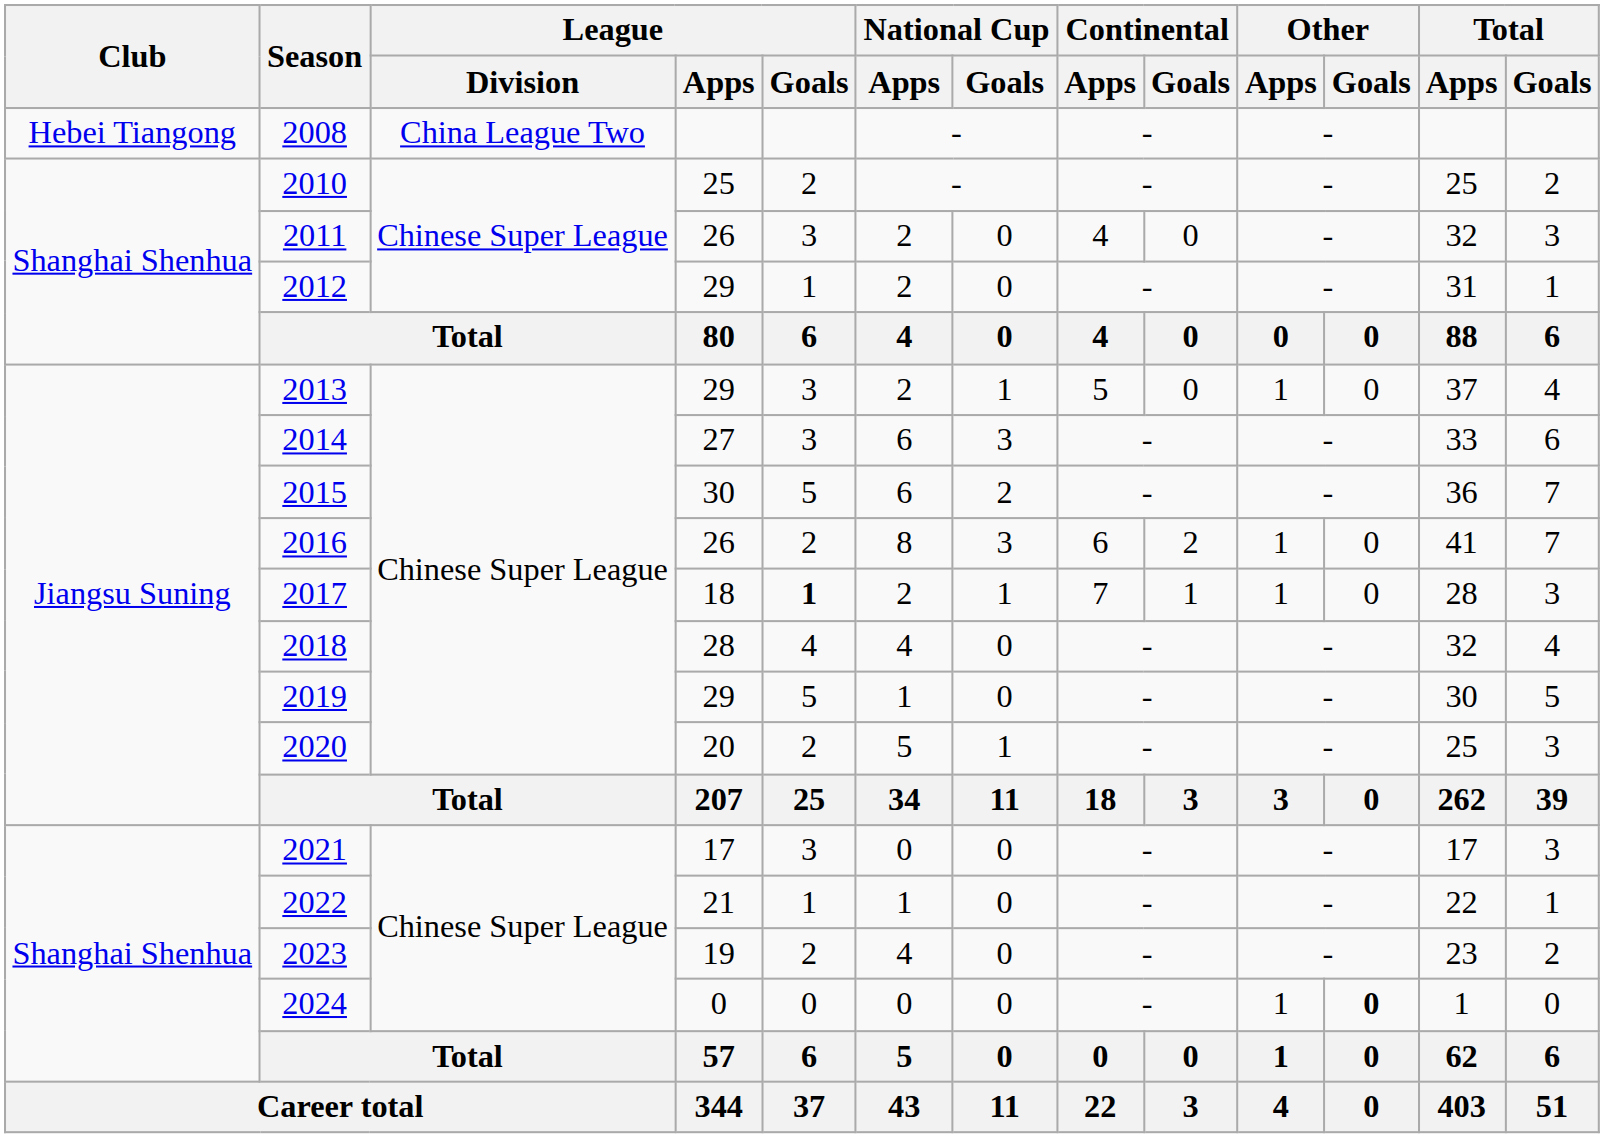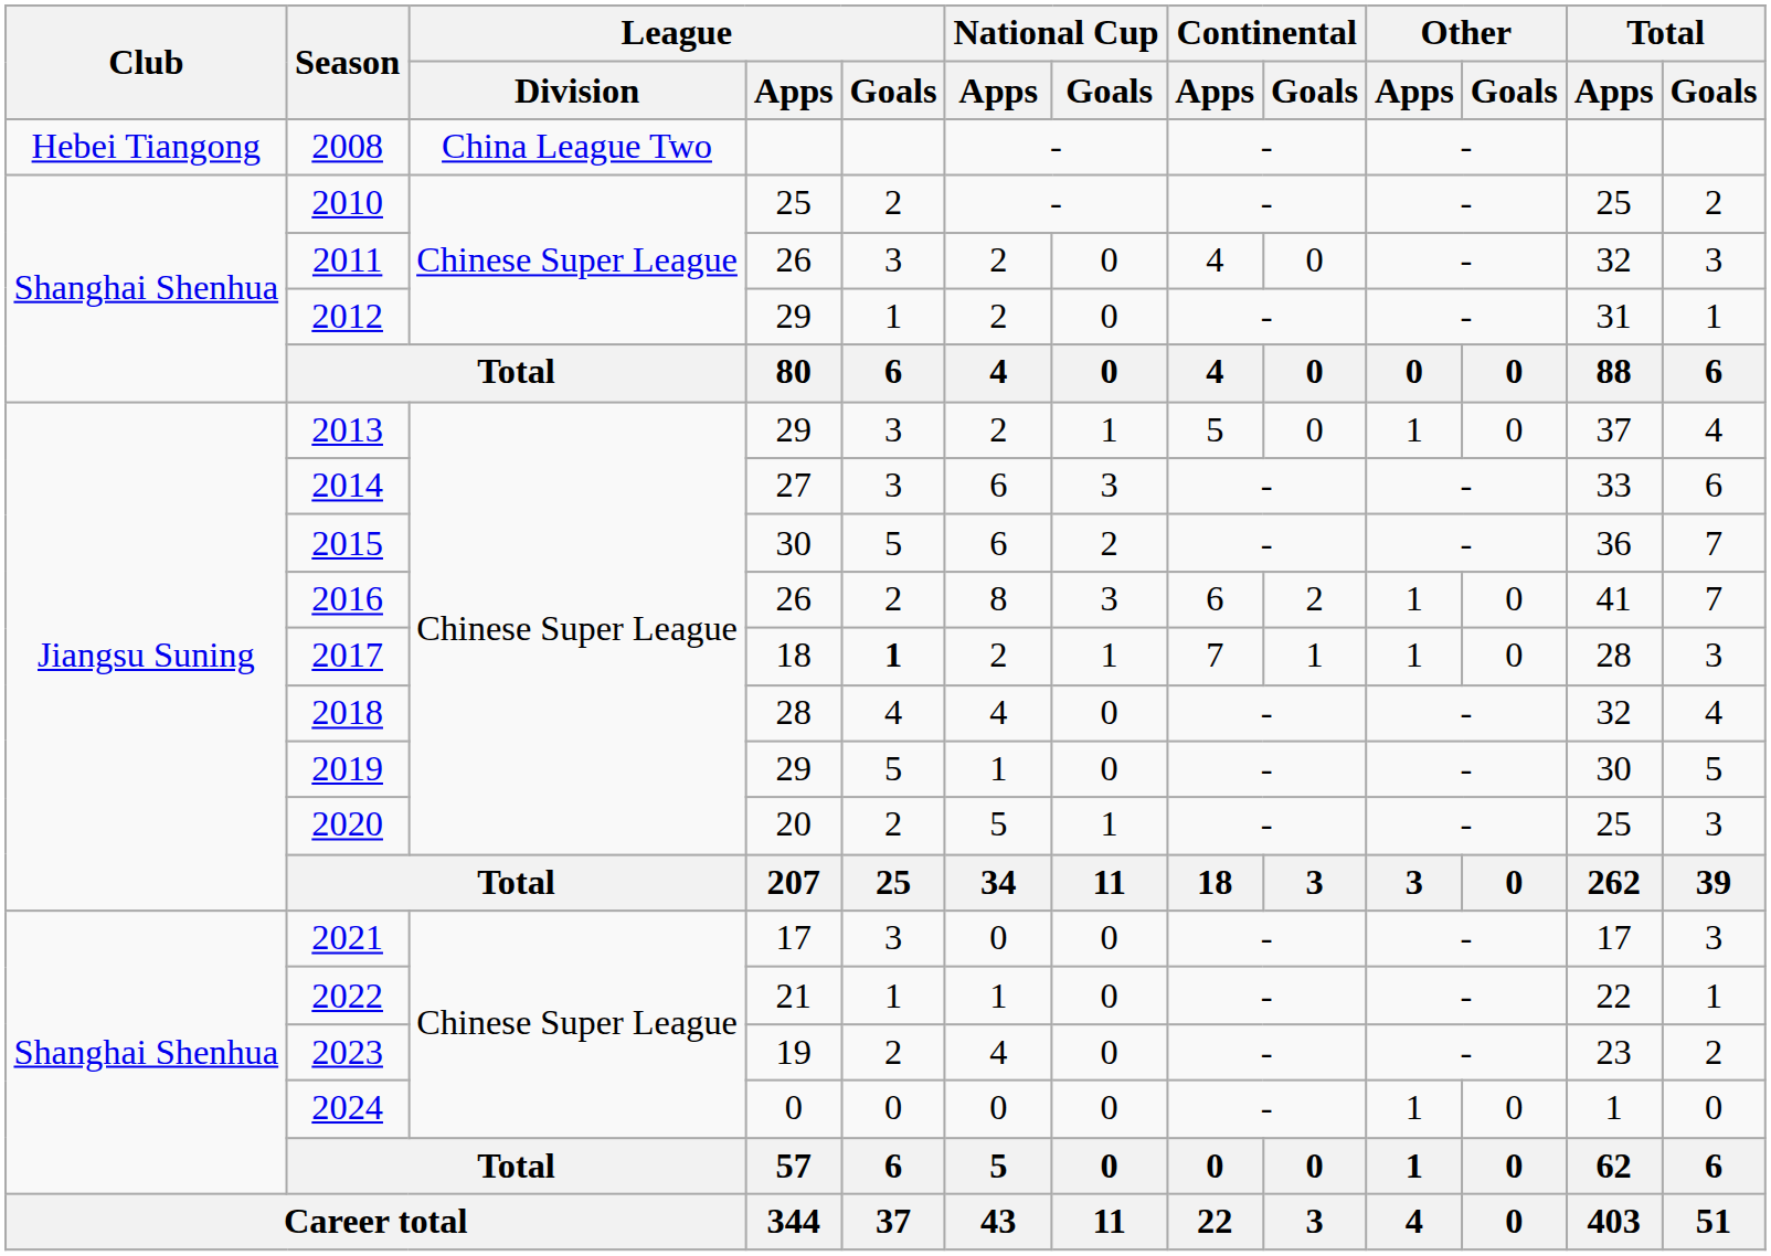 <table class="wikitable" style="text-align: center">
 <tr>
 <th rowspan="2">Club</th>
 <th rowspan="2">Season</th>
 <th colspan="3">League</th>
 <th colspan="2">National Cup</th>
 <th colspan="2">Continental</th>
 <th colspan="2">Other</th>
 <th colspan="2">Total</th>
 </tr>
 <tr>
 <th>Division</th>
 <th>Apps</th>
 <th>Goals</th>
 <th>Apps</th>
 <th>Goals</th>
 <th>Apps</th>
 <th>Goals</th>
 <th>Apps</th>
 <th>Goals</th>
 <th>Apps</th>
 <th>Goals</th>
 </tr>
 <tr>
 <td><a href='#'>Hebei Tiangong</a></td>
 <td><a href='#'>2008</a></td>
 <td><a href='#'>China League Two</a></td>
 <td></td>
 <td></td>
 <td colspan="2">-</td>
 <td colspan="2">-</td>
 <td colspan="2">-</td>
 <td></td>
 <td></td>
 </tr>
 <tr>
 <td rowspan=4><a href='#'>Shanghai Shenhua</a></td>
 <td><a href='#'>2010</a></td>
 <td rowspan=3><a href='#'>Chinese Super League</a></td>
 <td>25</td>
 <td>2</td>
 <td colspan="2">-</td>
 <td colspan="2">-</td>
 <td colspan="2">-</td>
 <td>25</td>
 <td>2</td>
 </tr>
 <tr>
 <td><a href='#'>2011</a></td>
 <td>26</td>
 <td>3</td>
 <td>2</td>
 <td>0</td>
 <td>4</td>
 <td>0</td>
 <td colspan="2">-</td>
 <td>32</td>
 <td>3</td>
 </tr>
 <tr>
 <td><a href='#'>2012</a></td>
 <td>29</td>
 <td>1</td>
 <td>2</td>
 <td>0</td>
 <td colspan="2">-</td>
 <td colspan="2">-</td>
 <td>31</td>
 <td>1</td>
 </tr>
 <tr>
 <th colspan="2"><strong>Total</strong></th>
 <th>80</th>
 <th>6</th>
 <th>4</th>
 <th>0</th>
 <th>4</th>
 <th>0</th>
 <th>0</th>
 <th>0</th>
 <th>88</th>
 <th>6</th>
 </tr>
 <tr>
 <td rowspan=9><a href='#'>Jiangsu Suning</a></td>
 <td><a href='#'>2013</a></td>
 <td rowspan=8>Chinese Super League</td>
 <td>29</td>
 <td>3</td>
 <td>2</td>
 <td>1</td>
 <td>5</td>
 <td>0</td>
 <td>1</td>
 <td>0</td>
 <td>37</td>
 <td>4</td>
 </tr>
 <tr>
 <td><a href='#'>2014</a></td>
 <td>27</td>
 <td>3</td>
 <td>6</td>
 <td>3</td>
 <td colspan="2">-</td>
 <td colspan="2">-</td>
 <td>33</td>
 <td>6</td>
 </tr>
 <tr>
 <td><a href='#'>2015</a></td>
 <td>30</td>
 <td>5</td>
 <td>6</td>
 <td>2</td>
 <td colspan="2">-</td>
 <td colspan="2">-</td>
 <td>36</td>
 <td>7</td>
 </tr>
 <tr>
 <td><a href='#'>2016</a></td>
 <td>26</td>
 <td>2</td>
 <td>8</td>
 <td>3</td>
 <td>6</td>
 <td>2</td>
 <td>1</td>
 <td>0</td>
 <td>41</td>
 <td>7</td>
 </tr>
 <tr>
 <td><a href='#'>2017</a></td>
 <td>18</td>
 <td><strong>1</strong></td>
 <td>2</td>
 <td>1</td>
 <td>7</td>
 <td>1</td>
 <td>1</td>
 <td>0</td>
 <td>28</td>
 <td>3</td>
 </tr>
 <tr>
 <td><a href='#'>2018</a></td>
 <td>28</td>
 <td>4</td>
 <td>4</td>
 <td>0</td>
 <td colspan="2">-</td>
 <td colspan="2">-</td>
 <td>32</td>
 <td>4</td>
 </tr>
 <tr>
 <td><a href='#'>2019</a></td>
 <td>29</td>
 <td>5</td>
 <td>1</td>
 <td>0</td>
 <td colspan="2">-</td>
 <td colspan="2">-</td>
 <td>30</td>
 <td>5</td>
 </tr>
 <tr>
 <td><a href='#'>2020</a></td>
 <td>20</td>
 <td>2</td>
 <td>5</td>
 <td>1</td>
 <td colspan="2">-</td>
 <td colspan="2">-</td>
 <td>25</td>
 <td>3</td>
 </tr>
 <tr>
 <th colspan="2"><strong>Total</strong></th>
 <th>207</th>
 <th>25</th>
 <th>34</th>
 <th>11</th>
 <th>18</th>
 <th>3</th>
 <th>3</th>
 <th>0</th>
 <th>262</th>
 <th>39</th>
 </tr>
 <tr>
 <td rowspan=5><a href='#'>Shanghai Shenhua</a></td>
 <td><a href='#'>2021</a></td>
 <td rowspan=4>Chinese Super League</td>
 <td>17</td>
 <td>3</td>
 <td>0</td>
 <td>0</td>
 <td colspan="2">-</td>
 <td colspan="2">-</td>
 <td>17</td>
 <td>3</td>
 </tr>
 <tr>
 <td><a href='#'>2022</a></td>
 <td>21</td>
 <td>1</td>
 <td>1</td>
 <td>0</td>
 <td colspan="2">-</td>
 <td colspan="2">-</td>
 <td>22</td>
 <td>1</td>
 </tr>
 <tr>
 <td><a href='#'>2023</a></td>
 <td>19</td>
 <td>2</td>
 <td>4</td>
 <td>0</td>
 <td colspan="2">-</td>
 <td colspan="2">-</td>
 <td>23</td>
 <td>2</td>
 </tr>
 <tr>
 <td><a href='#'>2024</a></td>
 <td>0</td>
 <td>0</td>
 <td>0</td>
 <td>0</td>
 <td colspan="2">-</td>
 <td>1</td>
-<td><strong>0</strong></td>
+<td>0</td>
 <td>1</td>
 <td>0</td>
 </tr>
 <tr>
 <th colspan="2"><strong>Total</strong></th>
 <th>57</th>
 <th>6</th>
 <th>5</th>
 <th>0</th>
 <th>0</th>
 <th>0</th>
 <th>1</th>
 <th>0</th>
 <th>62</th>
 <th>6</th>
 </tr>
 <tr>
 <th colspan=3>Career total</th>
 <th>344</th>
 <th>37</th>
 <th>43</th>
 <th>11</th>
 <th>22</th>
 <th>3</th>
 <th>4</th>
 <th>0</th>
 <th>403</th>
 <th>51</th>
 </tr>
 </table>
